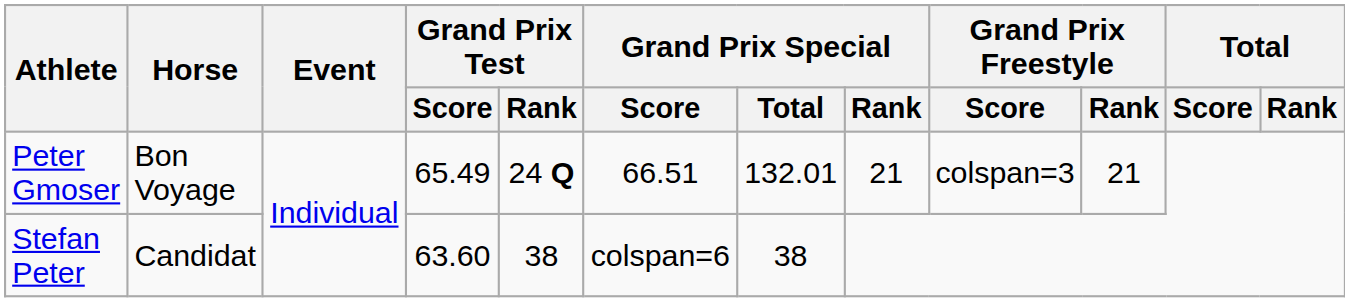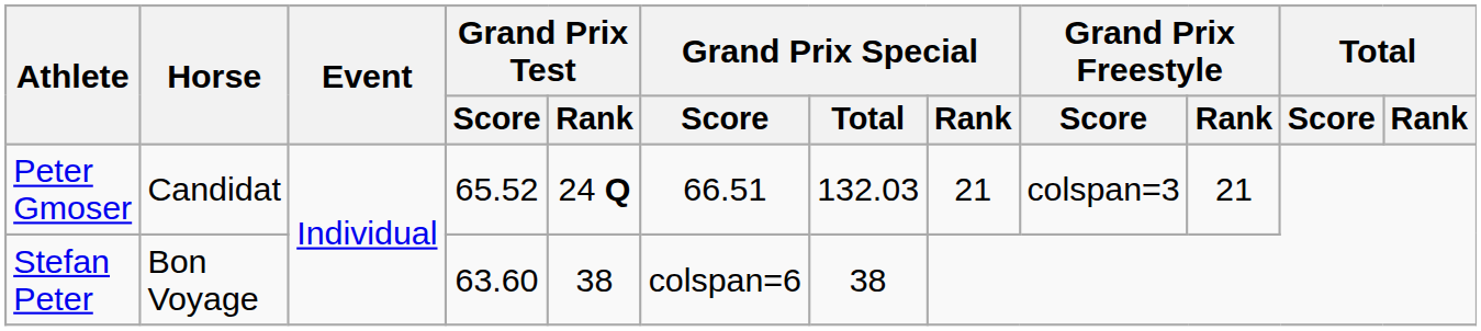 <table class=wikitable style=font-size:90%;text-align:center>
 <tr>
 <th rowspan=2>Athlete</th>
 <th rowspan=2>Horse</th>
 <th rowspan=2>Event</th>
 <th colspan=2>Grand Prix Test</th>
 <th colspan=3>Grand Prix Special</th>
 <th colspan=2>Grand Prix Freestyle</th>
 <th colspan=2>Total</th>
 </tr>
 <tr style=font-size:95%>
 <th>Score</th>
 <th>Rank</th>
 <th>Score</th>
 <th>Total</th>
 <th>Rank</th>
 <th>Score</th>
 <th>Rank</th>
 <th>Score</th>
 <th>Rank</th>
 </tr>
 <tr>
 <td align=left><a href='#'>Peter Gmoser</a></td>
-<td align=left>Bon Voyage</td>
+<td align=left>Candidat</td>
 <td align=left rowspan=2><a href='#'>Individual</a></td>
-<td>65.49</td>
+<td>65.52</td>
 <td>24 <strong>Q</strong></td>
 <td>66.51</td>
-<td>132.01</td>
+<td>132.03</td>
 <td>21</td>
 <td>colspan=3 </td>
 <td>21</td>
 </tr>
 <tr>
 <td align=left><a href='#'>Stefan Peter</a></td>
-<td align=left>Candidat</td>
+<td align=left>Bon Voyage</td>
 <td>63.60</td>
 <td>38</td>
 <td>colspan=6 </td>
 <td>38</td>
 </tr>
 </table>
